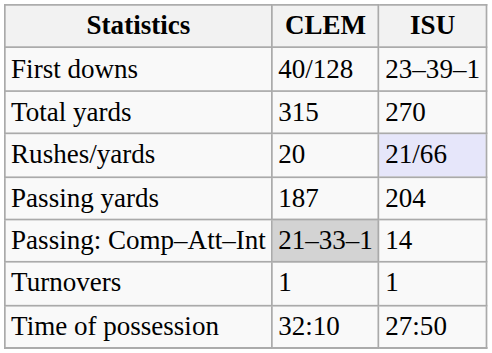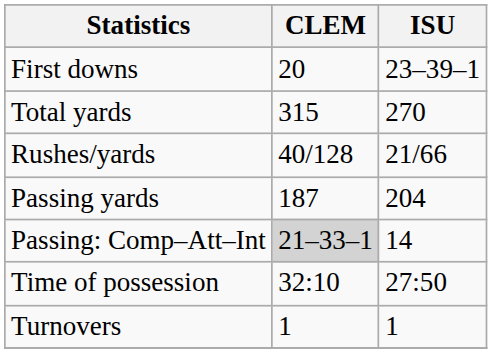 <table class="wikitable" style="float: left;">
 <tr>
 <th>Statistics</th>
 <th>CLEM</th>
 <th>ISU</th>
 </tr>
 <tr>
 <td>First downs</td>
-<td>40/128</td>
+<td>20</td>
 <td>23–39–1</td>
 </tr>
 <tr>
 <td>Total yards</td>
 <td>315</td>
 <td>270</td>
 </tr>
 <tr>
 <td>Rushes/yards</td>
-<td>20</td>
-<td style="background: lavender;">21/66</td>
+<td>40/128</td>
+<td>21/66</td>
 </tr>
 <tr>
 <td>Passing yards</td>
 <td>187</td>
 <td>204</td>
 </tr>
 <tr>
 <td>Passing: Comp–Att–Int</td>
 <td style="background: lightgrey;">21–33–1</td>
 <td>14</td>
 </tr>
 <tr>
+<td>Time of possession</td>
+<td>32:10</td>
+<td>27:50</td>
+</tr>
+<tr>
 <td>Turnovers</td>
 <td>1</td>
 <td>1</td>
 </tr>
 <tr>
-<td>Time of possession</td>
-<td>32:10</td>
-<td>27:50</td>
-</tr>
-<tr>
 </tr>
 </table>
